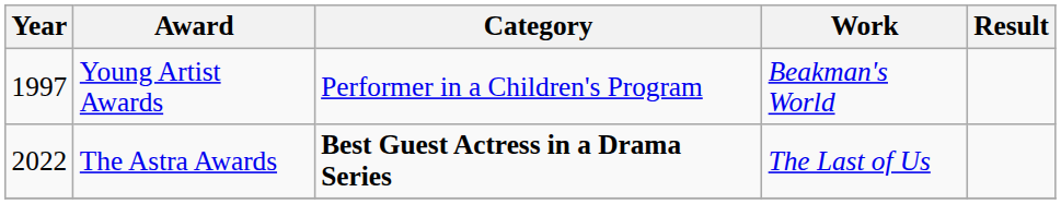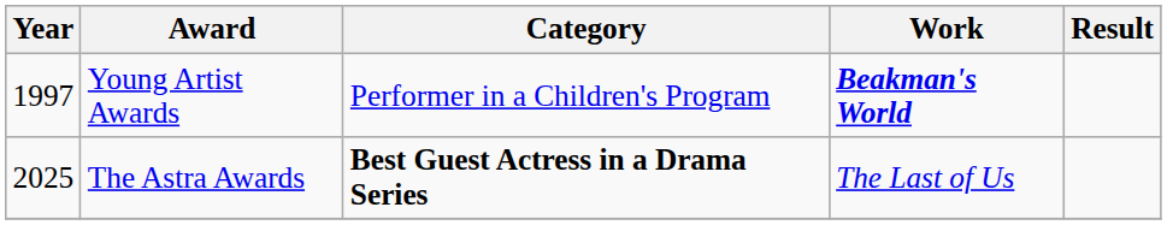 <table class="wikitable sortable">
 <tr Peabody Award>
 <th>Year</th>
 <th>Award</th>
 <th>Category</th>
 <th>Work</th>
 <th>Result</th>
 </tr>
 <tr>
 <td>1997</td>
 <td><a href='#'>Young Artist Awards</a></td>
 <td><a href='#'> Performer in a Children's Program</a></td>
-<td><em><a href='#'>Beakman's World</a></em></td>
+<td><strong><em><a href='#'>Beakman's World</a></em></strong></td>
 <td></td>
 </tr>
 <tr>
-<td>2022</td>
+<td>2025</td>
 <td><a href='#'>The Astra Awards</a></td>
 <td><strong>Best Guest Actress in a Drama Series</strong></td>
 <td><em><a href='#'>The Last of Us</a></em></td>
 <td></td>
 </tr>
 <tr>
 </tr>
 </table>
